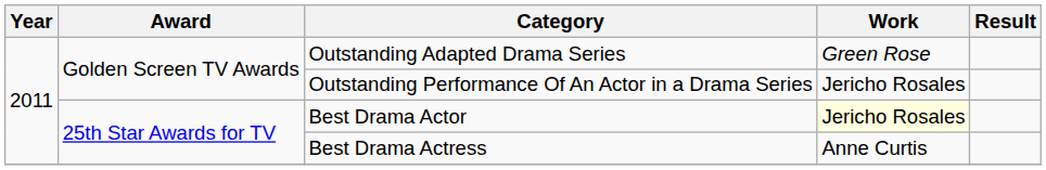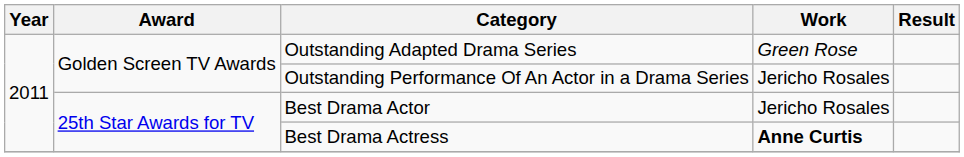 <table class="wikitable" style="font-size:90%;">
 <tr>
 <th>Year</th>
 <th>Award</th>
 <th>Category</th>
 <th>Work</th>
 <th>Result</th>
 </tr>
 <tr>
 <td rowspan="4">2011</td>
 <td rowspan="2">Golden Screen TV Awards</td>
 <td>Outstanding Adapted Drama Series</td>
 <td><em>Green Rose</em></td>
 <td></td>
 </tr>
 <tr>
 <td>Outstanding Performance Of An Actor in a Drama Series</td>
 <td>Jericho Rosales</td>
 <td></td>
 </tr>
 <tr>
 <td rowspan="2"><a href='#'>25th Star Awards for TV</a></td>
 <td>Best Drama Actor</td>
-<td style="background: lightyellow;">Jericho Rosales</td>
+<td>Jericho Rosales</td>
 <td></td>
 </tr>
 <tr>
 <td>Best Drama Actress</td>
-<td>Anne Curtis</td>
+<td><strong>Anne Curtis</strong></td>
 <td></td>
 </tr>
 <tr>
 </tr>
 </table>
